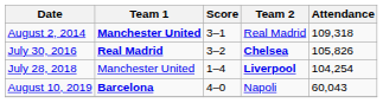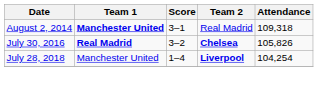 <table class="wikitable">
 <tr>
 <th>Date</th>
 <th>Team 1</th>
 <th>Score</th>
 <th>Team 2</th>
 <th>Attendance</th>
 </tr>
 <tr>
 <td><a href='#'>August 2, 2014</a></td>
 <td> <strong><a href='#'>Manchester United</a></strong></td>
 <td>3–1</td>
 <td> <a href='#'>Real Madrid</a></td>
 <td>109,318</td>
 </tr>
 <tr>
 <td><a href='#'>July 30, 2016</a></td>
 <td> <strong><a href='#'>Real Madrid</a></strong></td>
 <td>3–2</td>
 <td><strong> <a href='#'>Chelsea</a></strong></td>
 <td>105,826</td>
 </tr>
 <tr>
 <td><a href='#'>July 28, 2018</a></td>
 <td> <a href='#'>Manchester United</a></td>
 <td>1–4</td>
 <td> <strong><a href='#'>Liverpool</a></strong></td>
 <td>104,254</td>
 </tr>
 <tr>
-<td><a href='#'>August 10, 2019</a></td>
-<td> <strong><a href='#'>Barcelona</a></strong></td>
-<td>4–0</td>
-<td> <a href='#'>Napoli</a></td>
-<td>60,043</td>
-</tr>
-<tr>
 </tr>
 </table>
